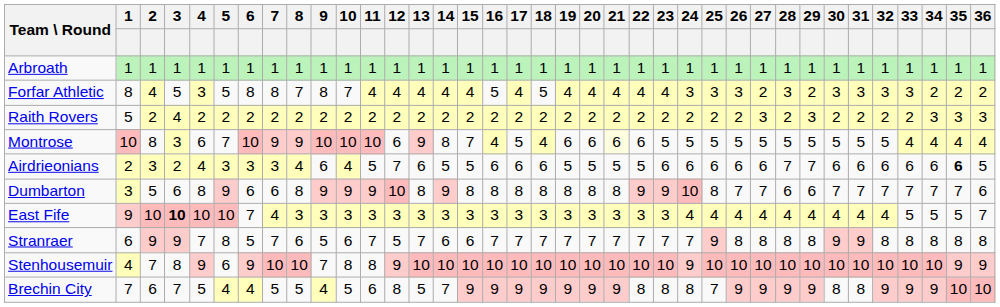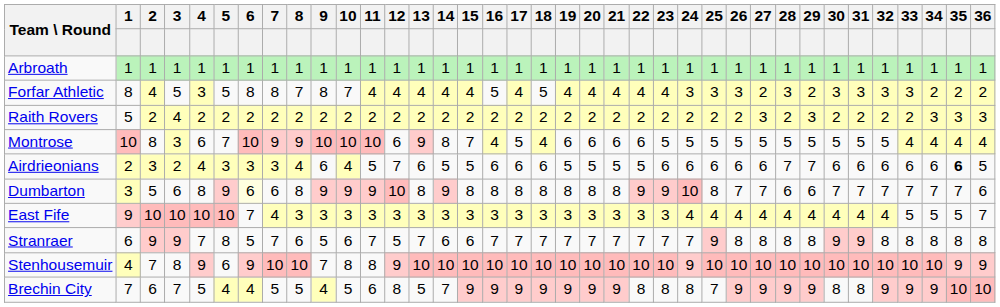 <table class="wikitable sortable" style="font-size: 100%; text-align:center;">
 <tr>
 <th rowspan="2">Team \ Round</th>
 <th align=center>1</th>
 <th align=center>2</th>
 <th align=center>3</th>
 <th align=center>4</th>
 <th align=center>5</th>
 <th align=center>6</th>
 <th align=center>7</th>
 <th align=center>8</th>
 <th align=center>9</th>
 <th align=center>10</th>
 <th align=center>11</th>
 <th align=center>12</th>
 <th align=center>13</th>
 <th align=center>14</th>
 <th align=center>15</th>
 <th align=center>16</th>
 <th align=center>17</th>
 <th align=center>18</th>
 <th align=center>19</th>
 <th align=center>20</th>
 <th align=center>21</th>
 <th align=center>22</th>
 <th align=center>23</th>
 <th align=center>24</th>
 <th align=center>25</th>
 <th align=center>26</th>
 <th align=center>27</th>
 <th align=center>28</th>
 <th align=center>29</th>
 <th align=center>30</th>
 <th align=center>31</th>
 <th align=center>32</th>
 <th align=center>33</th>
 <th align=center>34</th>
 <th align=center>35</th>
 <th align=center>36</th>
 </tr>
 <tr>
 <th style="text-align:center; height:20px;"></th>
 <th align=center></th>
 <th align=center></th>
 <th align=center></th>
 <th align=center></th>
 <th align=center></th>
 <th align=center></th>
 <th align=center></th>
 <th align=center></th>
 <th align=center></th>
 <th align=center></th>
 <th align=center></th>
 <th align=center></th>
 <th align=center></th>
 <th align=center></th>
 <th align=center></th>
 <th align=center></th>
 <th align=center></th>
 <th align=center></th>
 <th align=center></th>
 <th align=center></th>
 <th align=center></th>
 <th align=center></th>
 <th align=center></th>
 <th align=center></th>
 <th align=center></th>
 <th align=center></th>
 <th align=center></th>
 <th align=center></th>
 <th align=center></th>
 <th align=center></th>
 <th align=center></th>
 <th align=center></th>
 <th align=center></th>
 <th align=center></th>
 <th align=center></th>
 </tr>
 <tr align=center>
 <td align=left><a href='#'>Arbroath</a></td>
 <td style="background:#BBF3BB">1</td>
 <td style="background:#BBF3BB">1</td>
 <td style="background:#BBF3BB">1</td>
 <td style="background:#BBF3BB">1</td>
 <td style="background:#BBF3BB">1</td>
 <td style="background:#BBF3BB">1</td>
 <td style="background:#BBF3BB">1</td>
 <td style="background:#BBF3BB">1</td>
 <td style="background:#BBF3BB">1</td>
 <td style="background:#BBF3BB">1</td>
 <td style="background:#BBF3BB">1</td>
 <td style="background:#BBF3BB">1</td>
 <td style="background:#BBF3BB">1</td>
 <td style="background:#BBF3BB">1</td>
 <td style="background:#BBF3BB">1</td>
 <td style="background:#BBF3BB">1</td>
 <td style="background:#BBF3BB">1</td>
 <td style="background:#BBF3BB">1</td>
 <td style="background:#BBF3BB">1</td>
 <td style="background:#BBF3BB">1</td>
 <td style="background:#BBF3BB">1</td>
 <td style="background:#BBF3BB">1</td>
 <td style="background:#BBF3BB">1</td>
 <td style="background:#BBF3BB">1</td>
 <td style="background:#BBF3BB">1</td>
 <td style="background:#BBF3BB">1</td>
 <td style="background:#BBF3BB">1</td>
 <td style="background:#BBF3BB">1</td>
 <td style="background:#BBF3BB">1</td>
 <td style="background:#BBF3BB">1</td>
 <td style="background:#BBF3BB">1</td>
 <td style="background:#BBF3BB">1</td>
 <td style="background:#BBF3BB">1</td>
 <td style="background:#BBF3BB">1</td>
 <td style="background:#BBF3BB">1</td>
 <td style="background:#BBF3BB">1</td>
 </tr>
 <tr align=center>
 <td align=left><a href='#'>Forfar Athletic</a></td>
 <td>8</td>
 <td style="background:#FFFFBB">4</td>
 <td>5</td>
 <td style="background:#FFFFBB">3</td>
 <td>5</td>
 <td>8</td>
 <td>8</td>
 <td>7</td>
 <td>8</td>
 <td>7</td>
 <td style="background:#FFFFBB">4</td>
 <td style="background:#FFFFBB">4</td>
 <td style="background:#FFFFBB">4</td>
 <td style="background:#FFFFBB">4</td>
 <td style="background:#FFFFBB">4</td>
 <td>5</td>
 <td style="background:#FFFFBB">4</td>
 <td>5</td>
 <td style="background:#FFFFBB">4</td>
 <td style="background:#FFFFBB">4</td>
 <td style="background:#FFFFBB">4</td>
 <td style="background:#FFFFBB">4</td>
 <td style="background:#FFFFBB">4</td>
 <td style="background:#FFFFBB">3</td>
 <td style="background:#FFFFBB">3</td>
 <td style="background:#FFFFBB">3</td>
 <td style="background:#FFFFBB">2</td>
 <td style="background:#FFFFBB">3</td>
 <td style="background:#FFFFBB">2</td>
 <td style="background:#FFFFBB">3</td>
 <td style="background:#FFFFBB">3</td>
 <td style="background:#FFFFBB">3</td>
 <td style="background:#FFFFBB">3</td>
 <td style="background:#FFFFBB">2</td>
 <td style="background:#FFFFBB">2</td>
 <td style="background:#FFFFBB">2</td>
 </tr>
 <tr align=center>
 <td align=left><a href='#'>Raith Rovers</a></td>
 <td>5</td>
 <td style="background:#FFFFBB">2</td>
 <td style="background:#FFFFBB">4</td>
 <td style="background:#FFFFBB">2</td>
 <td style="background:#FFFFBB">2</td>
 <td style="background:#FFFFBB">2</td>
 <td style="background:#FFFFBB">2</td>
 <td style="background:#FFFFBB">2</td>
 <td style="background:#FFFFBB">2</td>
 <td style="background:#FFFFBB">2</td>
 <td style="background:#FFFFBB">2</td>
 <td style="background:#FFFFBB">2</td>
 <td style="background:#FFFFBB">2</td>
 <td style="background:#FFFFBB">2</td>
 <td style="background:#FFFFBB">2</td>
 <td style="background:#FFFFBB">2</td>
 <td style="background:#FFFFBB">2</td>
 <td style="background:#FFFFBB">2</td>
 <td style="background:#FFFFBB">2</td>
 <td style="background:#FFFFBB">2</td>
 <td style="background:#FFFFBB">2</td>
 <td style="background:#FFFFBB">2</td>
 <td style="background:#FFFFBB">2</td>
 <td style="background:#FFFFBB">2</td>
 <td style="background:#FFFFBB">2</td>
 <td style="background:#FFFFBB">2</td>
 <td style="background:#FFFFBB">3</td>
 <td style="background:#FFFFBB">2</td>
 <td style="background:#FFFFBB">3</td>
 <td style="background:#FFFFBB">2</td>
 <td style="background:#FFFFBB">2</td>
 <td style="background:#FFFFBB">2</td>
 <td style="background:#FFFFBB">2</td>
 <td style="background:#FFFFBB">3</td>
 <td style="background:#FFFFBB">3</td>
 <td style="background:#FFFFBB">3</td>
 </tr>
 <tr align=center>
 <td align=left><a href='#'>Montrose</a></td>
 <td style="background:#FFBBBB">10</td>
 <td>8</td>
 <td style="background:#FFFFBB">3</td>
 <td>6</td>
 <td>7</td>
 <td style="background:#FFBBBB">10</td>
 <td style="background:#FFCCCC">9</td>
 <td style="background:#FFCCCC">9</td>
 <td style="background:#FFBBBB">10</td>
 <td style="background:#FFBBBB">10</td>
 <td style="background:#FFBBBB">10</td>
 <td>6</td>
 <td style="background:#FFCCCC">9</td>
 <td>8</td>
 <td>7</td>
 <td style="background:#FFFFBB">4</td>
 <td>5</td>
 <td style="background:#FFFFBB">4</td>
 <td>6</td>
 <td>6</td>
-<td style="background: lightyellow;">6</td>
+<td>6</td>
 <td>6</td>
 <td>5</td>
 <td>5</td>
 <td>5</td>
 <td>5</td>
 <td>5</td>
 <td>5</td>
 <td>5</td>
 <td>5</td>
 <td>5</td>
 <td>5</td>
 <td style="background:#FFFFBB">4</td>
 <td style="background:#FFFFBB">4</td>
 <td style="background:#FFFFBB">4</td>
 <td style="background:#FFFFBB">4</td>
 </tr>
 <tr align=center>
 <td align=left><a href='#'>Airdrieonians</a></td>
 <td style="background:#FFFFBB">2</td>
 <td style="background:#FFFFBB">3</td>
 <td style="background:#FFFFBB">2</td>
 <td style="background:#FFFFBB">4</td>
 <td style="background:#FFFFBB">3</td>
 <td style="background:#FFFFBB">3</td>
 <td style="background:#FFFFBB">3</td>
 <td style="background:#FFFFBB">4</td>
 <td>6</td>
 <td style="background:#FFFFBB">4</td>
 <td>5</td>
 <td>7</td>
 <td>6</td>
 <td>5</td>
 <td>5</td>
 <td>6</td>
 <td>6</td>
 <td>6</td>
 <td>5</td>
 <td>5</td>
 <td>5</td>
 <td>5</td>
 <td>6</td>
 <td>6</td>
 <td>6</td>
 <td>6</td>
 <td>6</td>
 <td>7</td>
 <td>7</td>
 <td>6</td>
 <td>6</td>
 <td>6</td>
 <td>6</td>
 <td>6</td>
 <td><strong>6</strong></td>
 <td>5</td>
 </tr>
 <tr align=center>
 <td align=left><a href='#'>Dumbarton</a></td>
 <td style="background:#FFFFBB">3</td>
 <td>5</td>
 <td>6</td>
 <td>8</td>
 <td style="background:#FFCCCC">9</td>
-<td>6</td>
+<td style="background: lightyellow;">6</td>
 <td>6</td>
 <td>8</td>
 <td style="background:#FFCCCC">9</td>
 <td style="background:#FFCCCC">9</td>
 <td style="background:#FFCCCC">9</td>
 <td style="background:#FFBBBB">10</td>
 <td>8</td>
 <td style="background:#FFCCCC">9</td>
 <td>8</td>
 <td>8</td>
 <td>8</td>
 <td>8</td>
 <td>8</td>
 <td>8</td>
 <td>8</td>
 <td style="background:#FFCCCC">9</td>
 <td style="background:#FFCCCC">9</td>
 <td style="background:#FFBBBB">10</td>
 <td>8</td>
 <td>7</td>
 <td>7</td>
 <td>6</td>
 <td>6</td>
 <td>7</td>
 <td>7</td>
 <td>7</td>
 <td>7</td>
 <td>7</td>
 <td>7</td>
 <td>6</td>
 </tr>
 <tr align=center>
 <td align=left><a href='#'>East Fife</a></td>
 <td style="background:#FFCCCC">9</td>
 <td style="background:#FFBBBB">10</td>
-<td style="background:#FFBBBB"><strong>10</strong></td>
+<td style="background:#FFBBBB">10</td>
 <td style="background:#FFBBBB">10</td>
 <td style="background:#FFBBBB">10</td>
 <td>7</td>
 <td style="background:#FFFFBB">4</td>
 <td style="background:#FFFFBB">3</td>
 <td style="background:#FFFFBB">3</td>
 <td style="background:#FFFFBB">3</td>
 <td style="background:#FFFFBB">3</td>
 <td style="background:#FFFFBB">3</td>
 <td style="background:#FFFFBB">3</td>
 <td style="background:#FFFFBB">3</td>
 <td style="background:#FFFFBB">3</td>
 <td style="background:#FFFFBB">3</td>
 <td style="background:#FFFFBB">3</td>
 <td style="background:#FFFFBB">3</td>
 <td style="background:#FFFFBB">3</td>
 <td style="background:#FFFFBB">3</td>
 <td style="background:#FFFFBB">3</td>
 <td style="background:#FFFFBB">3</td>
 <td style="background:#FFFFBB">3</td>
 <td style="background:#FFFFBB">4</td>
 <td style="background:#FFFFBB">4</td>
 <td style="background:#FFFFBB">4</td>
 <td style="background:#FFFFBB">4</td>
 <td style="background:#FFFFBB">4</td>
 <td style="background:#FFFFBB">4</td>
 <td style="background:#FFFFBB">4</td>
 <td style="background:#FFFFBB">4</td>
 <td style="background:#FFFFBB">4</td>
 <td>5</td>
 <td>5</td>
 <td>5</td>
 <td>7</td>
 </tr>
 <tr align=center>
 <td align=left><a href='#'>Stranraer</a></td>
 <td>6</td>
 <td style="background:#FFCCCC">9</td>
 <td style="background:#FFCCCC">9</td>
 <td>7</td>
 <td>8</td>
 <td>5</td>
 <td>7</td>
 <td>6</td>
 <td>5</td>
 <td>6</td>
 <td>7</td>
 <td>5</td>
 <td>7</td>
 <td>6</td>
 <td>6</td>
 <td>7</td>
 <td>7</td>
 <td>7</td>
 <td>7</td>
 <td>7</td>
 <td>7</td>
 <td>7</td>
 <td>7</td>
 <td>7</td>
 <td style="background:#FFCCCC">9</td>
 <td>8</td>
 <td>8</td>
 <td>8</td>
 <td>8</td>
 <td style="background:#FFCCCC">9</td>
 <td style="background:#FFCCCC">9</td>
 <td>8</td>
 <td>8</td>
 <td>8</td>
 <td>8</td>
 <td>8</td>
 </tr>
 <tr align=center>
 <td align=left><a href='#'>Stenhousemuir</a></td>
 <td style="background:#FFFFBB">4</td>
 <td>7</td>
 <td>8</td>
 <td style="background:#FFCCCC">9</td>
 <td>6</td>
 <td style="background:#FFCCCC">9</td>
 <td style="background:#FFBBBB">10</td>
 <td style="background:#FFBBBB">10</td>
 <td>7</td>
 <td>8</td>
 <td>8</td>
 <td style="background:#FFCCCC">9</td>
 <td style="background:#FFBBBB">10</td>
 <td style="background:#FFBBBB">10</td>
 <td style="background:#FFBBBB">10</td>
 <td style="background:#FFBBBB">10</td>
 <td style="background:#FFBBBB">10</td>
 <td style="background:#FFBBBB">10</td>
 <td style="background:#FFBBBB">10</td>
 <td style="background:#FFBBBB">10</td>
 <td style="background:#FFBBBB">10</td>
 <td style="background:#FFBBBB">10</td>
 <td style="background:#FFBBBB">10</td>
 <td style="background:#FFCCCC">9</td>
 <td style="background:#FFBBBB">10</td>
 <td style="background:#FFBBBB">10</td>
 <td style="background:#FFBBBB">10</td>
 <td style="background:#FFBBBB">10</td>
 <td style="background:#FFBBBB">10</td>
 <td style="background:#FFBBBB">10</td>
 <td style="background:#FFBBBB">10</td>
 <td style="background:#FFBBBB">10</td>
 <td style="background:#FFBBBB">10</td>
 <td style="background:#FFBBBB">10</td>
 <td style="background:#FFCCCC">9</td>
 <td style="background:#FFCCCC">9</td>
 </tr>
 <tr align=center>
 <td align=left><a href='#'>Brechin City</a></td>
 <td>7</td>
 <td>6</td>
 <td>7</td>
 <td>5</td>
 <td style="background:#FFFFBB">4</td>
 <td style="background:#FFFFBB">4</td>
 <td>5</td>
 <td>5</td>
 <td style="background:#FFFFBB">4</td>
 <td>5</td>
 <td>6</td>
 <td>8</td>
 <td>5</td>
 <td>7</td>
 <td style="background:#FFCCCC">9</td>
 <td style="background:#FFCCCC">9</td>
 <td style="background:#FFCCCC">9</td>
 <td style="background:#FFCCCC">9</td>
 <td style="background:#FFCCCC">9</td>
 <td style="background:#FFCCCC">9</td>
 <td style="background:#FFCCCC">9</td>
 <td>8</td>
 <td>8</td>
 <td>8</td>
 <td>7</td>
 <td style="background:#FFCCCC">9</td>
 <td style="background:#FFCCCC">9</td>
 <td style="background:#FFCCCC">9</td>
 <td style="background:#FFCCCC">9</td>
 <td>8</td>
 <td>8</td>
 <td style="background:#FFCCCC">9</td>
 <td style="background:#FFCCCC">9</td>
 <td style="background:#FFCCCC">9</td>
 <td style="background:#FFBBBB">10</td>
 <td style="background:#FFBBBB">10</td>
 </tr>
 </table>
